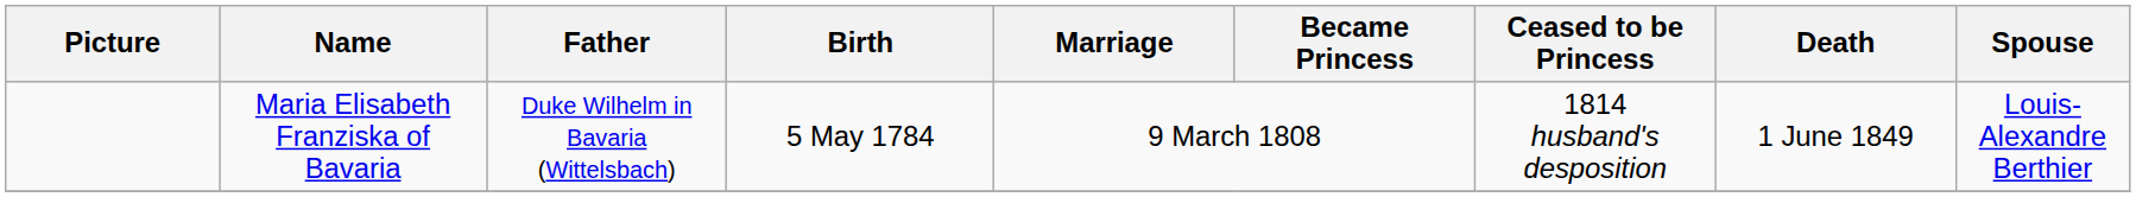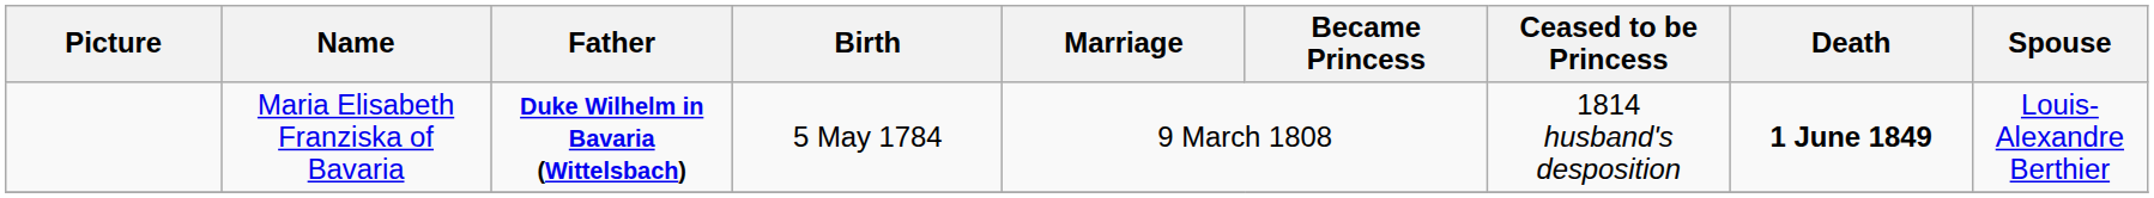 <table width=95% class="wikitable">
 <tr>
 <th width = "8%">Picture</th>
 <th width = "10%">Name</th>
 <th width = "9%">Father</th>
 <th width = "10%">Birth</th>
 <th width = "9%">Marriage</th>
 <th width = "9%">Became Princess</th>
 <th width = "9%">Ceased to be Princess</th>
 <th width = "9%">Death</th>
 <th width = "6%">Spouse</th>
 </tr>
 <tr>
 <td align="center"></td>
 <td align="center"><a href='#'>Maria Elisabeth Franziska of Bavaria</a></td>
-<td align="center"><small><a href='#'>Duke Wilhelm in Bavaria</a><br>(<a href='#'>Wittelsbach</a>)</small></td>
+<td align="center"><strong><small><a href='#'>Duke Wilhelm in Bavaria</a><br>(<a href='#'>Wittelsbach</a>)</small></strong></td>
 <td align="center">5 May 1784</td>
 <td align="center" colspan="2">9 March 1808</td>
 <td align="center">1814<br><em>husband's desposition</em></td>
-<td align="center">1 June 1849</td>
+<td align="center"><strong>1 June 1849</strong></td>
 <td align="center"><a href='#'>Louis-Alexandre Berthier</a></td>
 </tr>
 <tr>
 </tr>
 </table>
